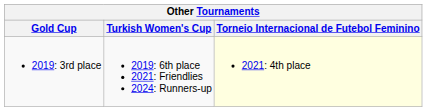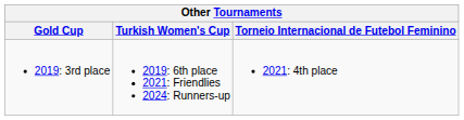 <table class="wikitable">
 <tr style="background:#ccc;">
 <th colspan=3>Other <a href='#'>Tournaments</a></th>
 </tr>
 <tr style="background:#ccc;">
 <th><a href='#'>Gold Cup</a></th>
 <th><a href='#'>Turkish Women's Cup</a></th>
 <th><a href='#'>Torneio Internacional de Futebol Feminino</a></th>
 </tr>
 <tr>
 <td style="vertical-align:top;"><br><ul><li> <a href='#'>2019</a>: 3rd place</li></ul></td>
 <td style="vertical-align:top;"><br><ul><li> <a href='#'>2019</a>: 6th place</li><li> <a href='#'>2021</a>: Friendlies</li><li> <a href='#'>2024</a>:  Runners-up</li></ul></td>
-<td style="background: lightyellow; vertical-align:top;"><br><ul><li> <a href='#'>2021</a>: 4th place</li></ul></td>
+<td style="vertical-align:top;"><br><ul><li> <a href='#'>2021</a>: 4th place</li></ul></td>
 </tr>
 </table>
